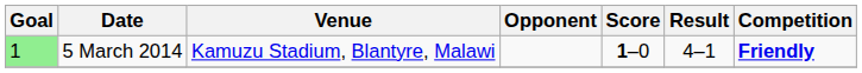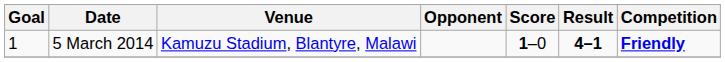 <table class="wikitable plainrowheaders sortable">
 <tr>
 <th>Goal</th>
 <th>Date</th>
 <th>Venue</th>
 <th>Opponent</th>
 <th>Score</th>
 <th>Result</th>
 <th>Competition</th>
 </tr>
 <tr>
-<td style="background: lightgreen;">1</td>
+<td>1</td>
 <td>5 March 2014</td>
 <td><a href='#'>Kamuzu Stadium</a>, <a href='#'>Blantyre</a>, <a href='#'>Malawi</a></td>
 <td></td>
 <td align=center><strong>1</strong>–0</td>
-<td align=center>4–1</td>
+<td align=center><strong>4–1</strong></td>
 <td><strong><a href='#'>Friendly</a></strong></td>
 </tr>
 <tr>
 </tr>
 </table>
